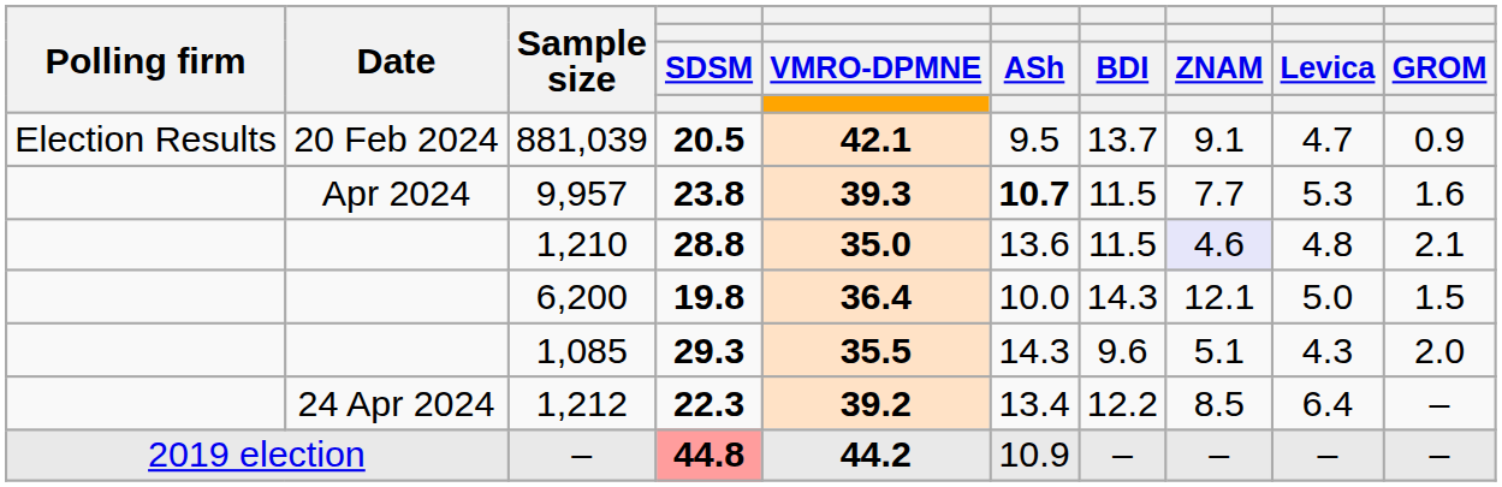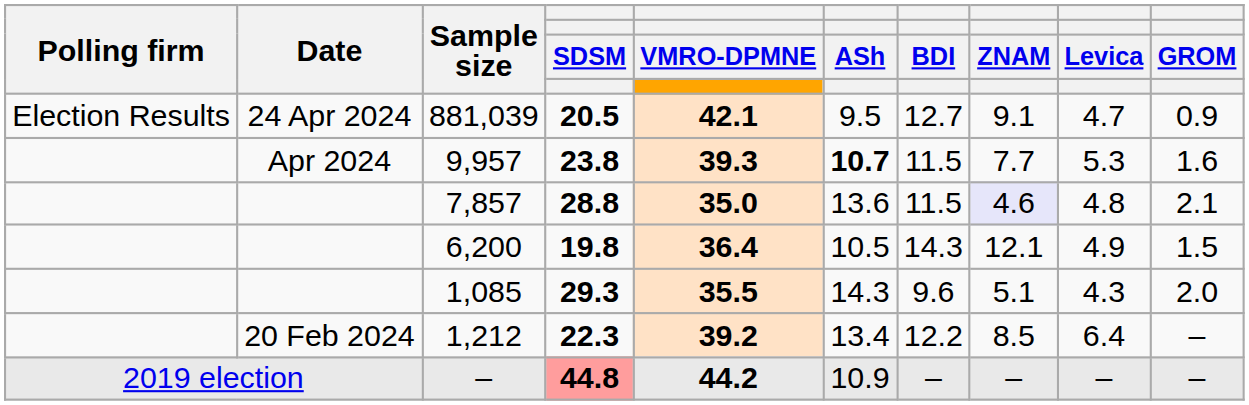 <table class="wikitable sortable" style="text-align:center;font-size:90%;line-height:14px;">
 <tr>
 <th rowspan="4">Polling firm</th>
 <th rowspan="4">Date</th>
 <th rowspan="4">Sample<br>size</th>
 <th></th>
 <th></th>
 <th></th>
 <th></th>
 <th></th>
 <th></th>
 <th></th>
 </tr>
 <tr>
 <th></th>
 <th></th>
 <th></th>
 <th></th>
 <th></th>
 <th></th>
 <th></th>
 </tr>
 <tr>
 <th><small><a href='#'>SDSM</a></small></th>
 <th><small><a href='#'>VMRO-DPMNE</a></small></th>
 <th><small><a href='#'>ASh</a></small></th>
 <th><small><a href='#'>BDI</a></small></th>
 <th><small><a href='#'>ZNAM</a></small></th>
 <th><small><a href='#'>Levica</a></small></th>
 <th><small><a href='#'>GROM</a></small></th>
 </tr>
 <tr>
 <th style="background:"></th>
 <th style="background:#FFA500;"></th>
 <th style="background:"></th>
 <th style="background:"></th>
 <th style="background:"></th>
 <th style="background:"></th>
 <th style="background:"></th>
 </tr>
 <tr>
 <td>Election Results</td>
-<td>20 Feb 2024</td>
+<td>24 Apr 2024</td>
 <td>881,039</td>
 <td><strong>20.5</strong></td>
 <td style="background:#FFE2C6"><strong>42.1</strong></td>
 <td>9.5</td>
-<td>13.7</td>
+<td>12.7</td>
 <td>9.1</td>
 <td>4.7</td>
 <td>0.9</td>
 </tr>
 <tr>
 <td></td>
 <td>Apr 2024</td>
 <td>9,957</td>
 <td><strong>23.8</strong></td>
 <td style="background:#FFE2C6"><strong>39.3</strong></td>
 <td><strong>10.7</strong></td>
 <td>11.5</td>
 <td>7.7</td>
 <td>5.3</td>
 <td>1.6</td>
 </tr>
 <tr>
 <td></td>
 <td></td>
-<td>1,210</td>
+<td>7,857</td>
 <td><strong>28.8</strong></td>
 <td style="background:#FFE2C6"><strong>35.0</strong></td>
 <td>13.6</td>
 <td>11.5</td>
 <td style="background: lavender;">4.6</td>
 <td>4.8</td>
 <td>2.1</td>
 </tr>
 <tr>
 <td></td>
 <td></td>
 <td>6,200</td>
 <td><strong>19.8</strong></td>
 <td style="background:#FFE2C6"><strong>36.4</strong></td>
-<td>10.0</td>
+<td>10.5</td>
 <td>14.3</td>
 <td>12.1</td>
-<td>5.0</td>
+<td>4.9</td>
 <td>1.5</td>
 </tr>
 <tr>
 <td></td>
 <td></td>
 <td>1,085</td>
 <td><strong>29.3</strong></td>
 <td style="background:#FFE2C6"><strong>35.5</strong></td>
 <td>14.3</td>
 <td>9.6</td>
 <td>5.1</td>
 <td>4.3</td>
 <td>2.0</td>
 </tr>
 <tr>
 <td></td>
-<td>24 Apr 2024</td>
+<td>20 Feb 2024</td>
 <td>1,212</td>
 <td><strong>22.3</strong></td>
 <td style="background:#FFE2C6"><strong>39.2</strong></td>
 <td>13.4</td>
 <td>12.2</td>
 <td>8.5</td>
 <td>6.4</td>
 <td>–</td>
 </tr>
 <tr style="background:#E9E9E9;">
 <td colspan="2"><a href='#'>2019 election</a></td>
 <td>–</td>
 <td style="background:#FF9D9D"><strong>44.8</strong></td>
 <td><strong>44.2</strong></td>
 <td>10.9</td>
 <td>–</td>
 <td>–</td>
 <td>–</td>
 <td>–</td>
 </tr>
 </table>
